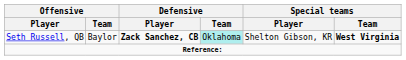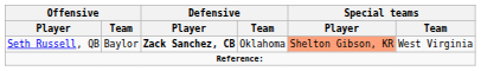 <table class="wikitable">
 <tr>
 <th colspan="2">Offensive</th>
 <th colspan="2">Defensive</th>
 <th colspan="2">Special teams</th>
 </tr>
 <tr>
 <th>Player</th>
 <th>Team</th>
 <th>Player</th>
 <th>Team</th>
 <th>Player</th>
 <th>Team</th>
 </tr>
 <tr>
 <td><a href='#'>Seth Russell</a>, QB</td>
 <td>Baylor</td>
 <td><strong>Zack Sanchez, CB</strong></td>
-<td style="background: paleturquoise;">Oklahoma</td>
-<td>Shelton Gibson, KR</td>
-<td><strong>West Virginia</strong></td>
+<td>Oklahoma</td>
+<td style="background: lightsalmon;">Shelton Gibson, KR</td>
+<td>West Virginia</td>
 </tr>
 <tr>
 <td colspan="12"  style="font-size:8pt; text-align:center;"><strong>Reference:</strong></td>
 </tr>
 </table>
